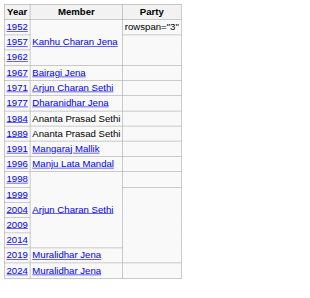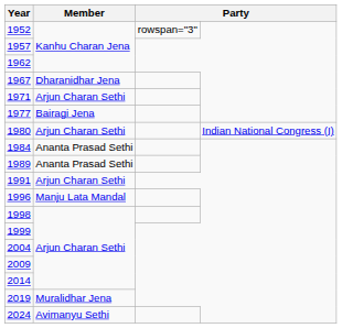 <table class="wikitable">
 <tr>
 <th>Year</th>
 <th>Member</th>
 <th colspan="2">Party</th>
 </tr>
 <tr>
 <td><a href='#'>1952</a></td>
 <td rowspan="3"><a href='#'>Kanhu Charan Jena</a></td>
 <td>rowspan="3" </td>
 </tr>
 <tr>
 <td><a href='#'>1957</a></td>
 </tr>
 <tr>
 <td><a href='#'>1962</a></td>
 </tr>
 <tr>
 <td><a href='#'>1967</a></td>
-<td><a href='#'>Bairagi Jena</a></td>
+<td><a href='#'>Dharanidhar Jena</a></td>
 <td></td>
 </tr>
 <tr>
 <td><a href='#'>1971</a></td>
 <td><a href='#'>Arjun Charan Sethi</a></td>
 <td></td>
 </tr>
 <tr>
 <td><a href='#'>1977</a></td>
-<td><a href='#'>Dharanidhar Jena</a></td>
+<td><a href='#'>Bairagi Jena</a></td>
 <td></td>
+</tr>
+<tr>
+<td><a href='#'>1980</a></td>
+<td><a href='#'>Arjun Charan Sethi</a></td>
+<td style="background-color: "></td>
+<td><a href='#'>Indian National Congress (I)</a></td>
 </tr>
 <tr>
 <td><a href='#'>1984</a></td>
 <td>Ananta Prasad Sethi</td>
 <td></td>
 </tr>
 <tr>
 <td><a href='#'>1989</a></td>
 <td>Ananta Prasad Sethi</td>
 <td></td>
 </tr>
 <tr>
 <td><a href='#'>1991</a></td>
-<td><a href='#'>Mangaraj Mallik</a></td>
+<td><a href='#'>Arjun Charan Sethi</a></td>
 </tr>
 <tr>
 <td><a href='#'>1996</a></td>
 <td><a href='#'>Manju Lata Mandal</a></td>
 <td></td>
 </tr>
 <tr>
 <td><a href='#'>1998</a></td>
 <td rowspan="5"><a href='#'>Arjun Charan Sethi</a></td>
 <td></td>
 </tr>
 <tr>
 <td><a href='#'>1999</a></td>
 </tr>
 <tr>
 <td><a href='#'>2004</a></td>
 </tr>
 <tr>
 <td><a href='#'>2009</a></td>
 </tr>
 <tr>
 <td><a href='#'>2014</a></td>
 </tr>
 <tr>
 <td><a href='#'>2019</a></td>
 <td><a href='#'>Muralidhar Jena</a></td>
 </tr>
 <tr>
 <td><a href='#'>2024</a></td>
-<td><a href='#'>Muralidhar Jena</a></td>
+<td><a href='#'>Avimanyu Sethi</a></td>
 <td></td>
 </tr>
 </table>
